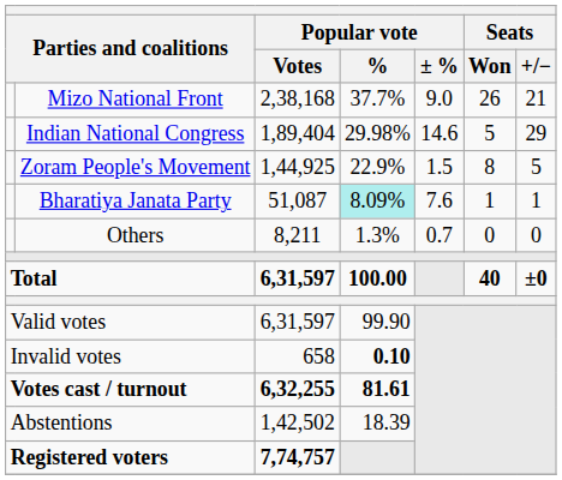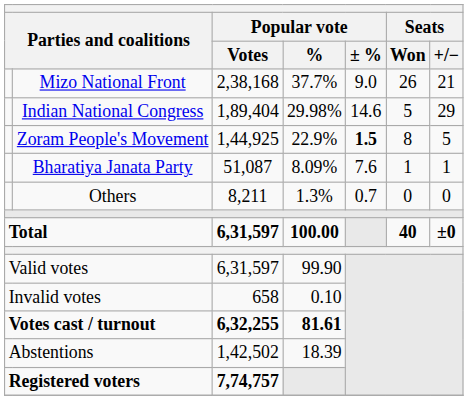 <table class="wikitable" style="text-align:center">
 <tr>
 <th colspan=7></th>
 </tr>
 <tr>
 <th colspan="2" rowspan="2">Parties and coalitions</th>
 <th colspan="3">Popular vote</th>
 <th colspan="2">Seats</th>
 </tr>
 <tr>
 <th>Votes</th>
 <th>%</th>
 <th>± %</th>
 <th>Won</th>
 <th><strong>+/−</strong></th>
 </tr>
 <tr>
 <td></td>
 <td><a href='#'>Mizo National Front</a></td>
 <td>2,38,168</td>
 <td>37.7%</td>
 <td>9.0</td>
 <td>26</td>
 <td>21</td>
 </tr>
 <tr>
 <td></td>
 <td><a href='#'>Indian National Congress</a></td>
 <td>1,89,404</td>
 <td>29.98%</td>
 <td>14.6</td>
 <td>5</td>
 <td>29</td>
 </tr>
 <tr>
 <td></td>
 <td><a href='#'>Zoram People's Movement</a></td>
 <td>1,44,925</td>
 <td>22.9%</td>
-<td>1.5</td>
+<td><strong>1.5</strong></td>
 <td>8</td>
 <td>5</td>
 </tr>
 <tr>
 <td></td>
 <td><a href='#'>Bharatiya Janata Party</a></td>
 <td>51,087</td>
-<td style="background: paleturquoise;">8.09%</td>
+<td>8.09%</td>
 <td>7.6</td>
 <td>1</td>
 <td>1</td>
 </tr>
 <tr>
 <td></td>
 <td>Others</td>
 <td>8,211</td>
 <td>1.3%</td>
 <td>0.7</td>
 <td>0</td>
 <td>0</td>
 </tr>
 <tr>
 <td colspan="7" bgcolor="#E9E9E9"></td>
 </tr>
 <tr style="font-weight:bold;">
 <td align="left" colspan="2">Total</td>
 <td>6,31,597</td>
 <td>100.00</td>
 <td bgcolor="#E9E9E9"></td>
 <td>40</td>
 <td>±0</td>
 </tr>
 <tr>
 <th colspan="9"></th>
 </tr>
 <tr>
 <td style="text-align:left;" colspan="2">Valid votes</td>
 <td align="right">6,31,597</td>
 <td align="right">99.90</td>
 <td colspan="4" rowspan="5" style="background-color:#E9E9E9"></td>
 </tr>
 <tr>
 <td style="text-align:left;" colspan="2">Invalid votes</td>
 <td align="right">658</td>
-<td align="right"><strong>0.10</strong></td>
+<td align="right">0.10</td>
 </tr>
 <tr>
 <td style="text-align:left;" colspan="2"><strong>Votes cast / turnout</strong></td>
 <td align="right"><strong>6,32,255</strong></td>
 <td align="right"><strong>81.61</strong></td>
 </tr>
 <tr>
 <td style="text-align:left;" colspan="2">Abstentions</td>
 <td align="right">1,42,502</td>
 <td align="right">18.39</td>
 </tr>
 <tr>
 <td style="text-align:left;" colspan="2"><strong>Registered voters</strong></td>
 <td align="right"><strong>7,74,757</strong></td>
 <td colspan="1" style="background-color:#E9E9E9"></td>
 </tr>
 <tr>
 </tr>
 <tr>
 </tr>
 </table>
